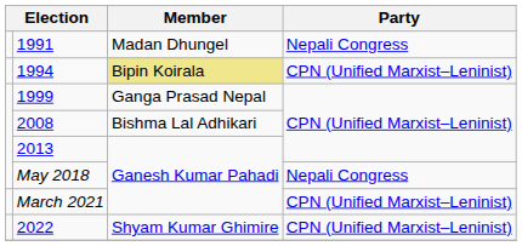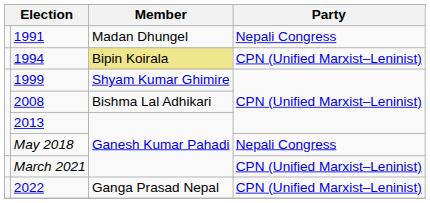 <table class="wikitable">
 <tr>
 <th colspan="2">Election</th>
 <th>Member</th>
 <th>Party</th>
 </tr>
 <tr>
 <td style="background-color:"></td>
 <td><a href='#'>1991</a></td>
 <td>Madan Dhungel</td>
 <td><a href='#'>Nepali Congress</a></td>
 </tr>
 <tr>
 <td style="background-color:"></td>
 <td><a href='#'>1994</a></td>
 <td style="background: khaki;">Bipin Koirala</td>
 <td><a href='#'>CPN (Unified Marxist–Leninist)</a></td>
 </tr>
 <tr>
 <td rowspan="4" style="background-color:"></td>
 <td><a href='#'>1999</a></td>
-<td>Ganga Prasad Nepal</td>
+<td><a href='#'>Shyam Kumar Ghimire</a></td>
 <td rowspan="3"><a href='#'>CPN (Unified Marxist–Leninist)</a></td>
 </tr>
 <tr>
 <td><a href='#'>2008</a></td>
 <td>Bishma Lal Adhikari</td>
 </tr>
 <tr>
 <td><a href='#'>2013</a></td>
 <td rowspan="3"><a href='#'>Ganesh Kumar Pahadi</a></td>
 </tr>
 <tr>
 <td><em>May 2018</em></td>
 <td><a href='#'>Nepali Congress</a></td>
 </tr>
 <tr>
 <td style="background-color:"></td>
 <td><em>March 2021</em></td>
 <td><a href='#'>CPN (Unified Marxist–Leninist)</a></td>
 </tr>
 <tr>
 <td style="background-color:"></td>
 <td><a href='#'>2022</a></td>
-<td><a href='#'>Shyam Kumar Ghimire</a></td>
+<td>Ganga Prasad Nepal</td>
 <td><a href='#'>CPN (Unified Marxist–Leninist)</a></td>
 </tr>
 <tr>
 </tr>
 </table>
